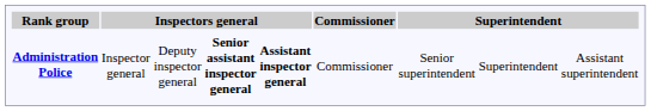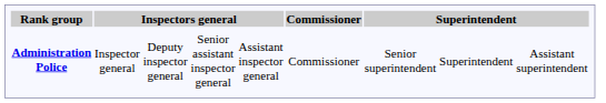 <table style="border:1px solid #8888aa; background-color:#f7f8ff; padding:5px; font-size:95%; margin: 0px 12px 12px 0px;">
 <tr style="background-color:#CCCCCC;">
 <th>Rank group</th>
 <th colspan=4>Inspectors general</th>
 <th>Commissioner</th>
 <th colspan=3>Superintendent</th>
 </tr>
 <tr style="text-align:center;">
 <td rowspan=2><strong> <a href='#'>Administration Police</a></strong></td>
 <td></td>
 <td></td>
 <td></td>
 <td></td>
 <td></td>
 <td></td>
 <td></td>
 <td></td>
 </tr>
 <tr style="text-align:center;">
 <td>Inspector general</td>
 <td>Deputy<br> inspector general</td>
-<td><strong>Senior assistant<br> inspector general</strong></td>
-<td><strong>Assistant<br> inspector general</strong></td>
+<td>Senior assistant<br> inspector general</td>
+<td>Assistant<br> inspector general</td>
 <td>Commissioner</td>
 <td>Senior superintendent</td>
 <td>Superintendent</td>
 <td>Assistant superintendent</td>
 </tr>
 <tr>
 </tr>
 </table>
